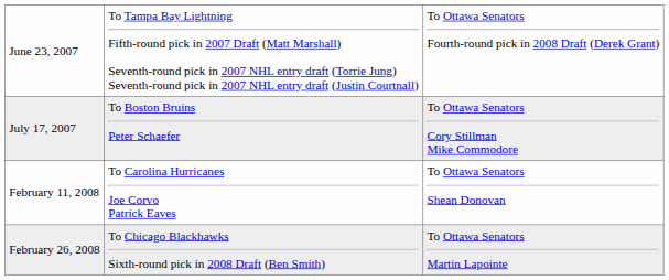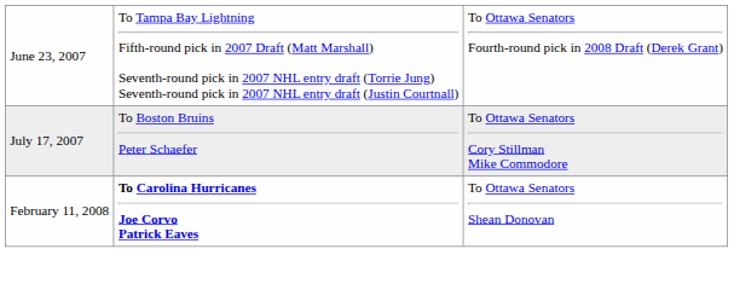 <table border="1" style="border-collapse:collapse;"  cellpadding="5">
 <tr style="background:#fefefe;">
 <td>June 23, 2007<br></td>
 <td valign="top">To <a href='#'>Tampa Bay Lightning</a> <hr>Fifth-round pick in <a href='#'>2007 Draft</a> (<a href='#'>Matt Marshall</a>)<br><br>Seventh-round pick in <a href='#'>2007 NHL entry draft</a> (<a href='#'>Torrie Jung</a>)<br> Seventh-round pick in <a href='#'>2007 NHL entry draft</a> (<a href='#'>Justin Courtnall</a>)</td>
 <td valign="top">To <a href='#'>Ottawa Senators</a> <hr>Fourth-round pick in <a href='#'>2008 Draft</a> (<a href='#'>Derek Grant</a>)</td>
 </tr>
 <tr style="background:#eee;">
 <td>July 17, 2007<br></td>
 <td valign="top">To <a href='#'>Boston Bruins</a> <hr> <a href='#'>Peter Schaefer</a></td>
 <td valign="top">To <a href='#'>Ottawa Senators</a> <hr> <a href='#'>Cory Stillman</a><br><a href='#'>Mike Commodore</a></td>
 </tr>
 <tr style="background:#fefefe;">
 <td>February 11, 2008<br></td>
-<td valign="top">To <a href='#'>Carolina Hurricanes</a> <hr> <a href='#'>Joe Corvo</a><br><a href='#'>Patrick Eaves</a></td>
+<td valign="top"><strong>To <a href='#'>Carolina Hurricanes</a> <hr> <a href='#'>Joe Corvo</a><br><a href='#'>Patrick Eaves</a></strong></td>
 <td valign="top">To <a href='#'>Ottawa Senators</a> <hr> <a href='#'>Shean Donovan</a></td>
 </tr>
-<tr style="background:#eee;">
-<td>February 26, 2008<br></td>
-<td valign="top">To <a href='#'>Chicago Blackhawks</a> <hr> Sixth-round pick in <a href='#'>2008 Draft</a> (<a href='#'>Ben Smith</a>)</td>
-<td valign="top">To <a href='#'>Ottawa Senators</a> <hr> <a href='#'>Martin Lapointe</a></td>
-</tr>
 </table>
